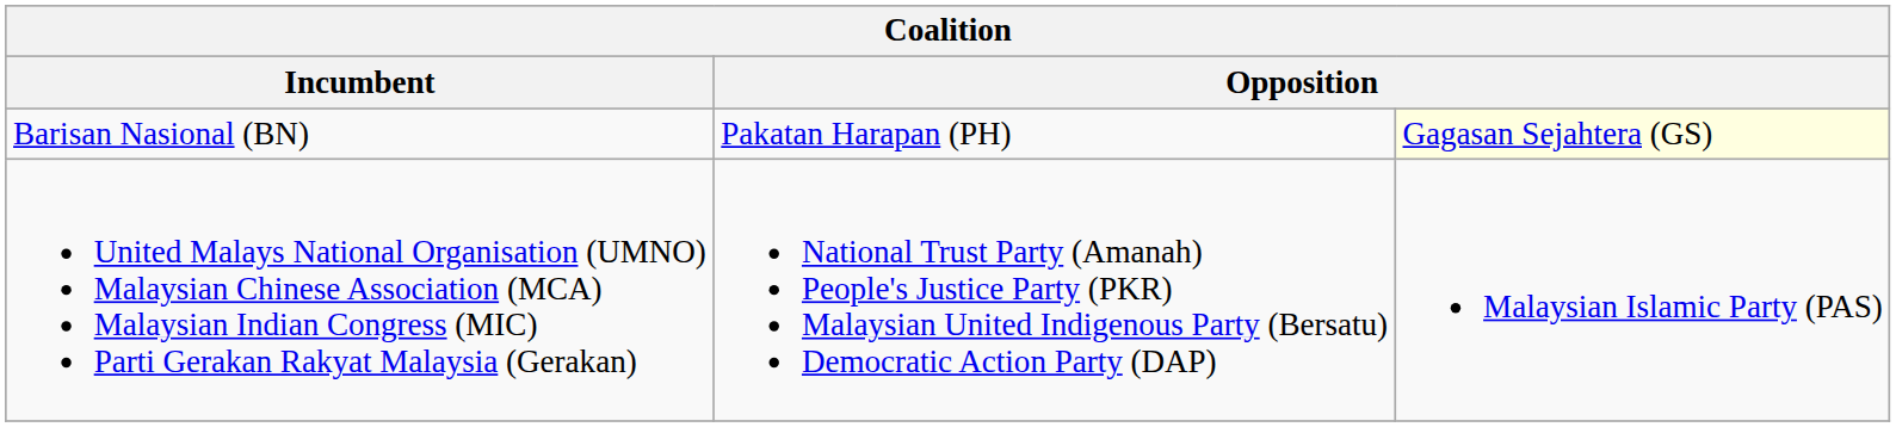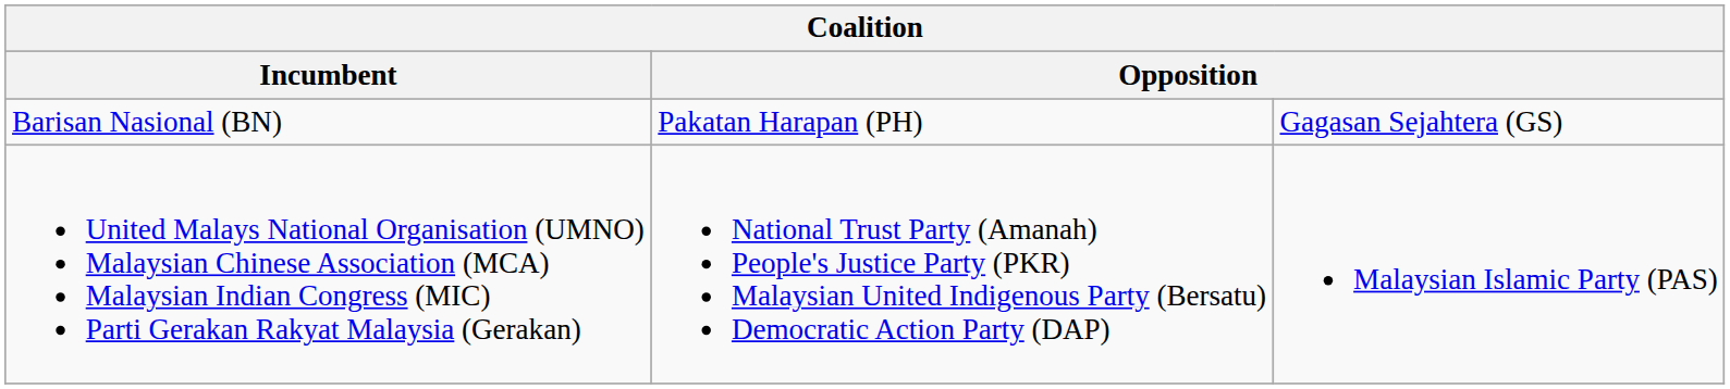 <table class="wikitable">
 <tr>
 <th colspan="3">Coalition</th>
 </tr>
 <tr>
 <th>Incumbent</th>
 <th colspan="2">Opposition</th>
 </tr>
 <tr>
 <td><a href='#'>Barisan Nasional</a> (BN)</td>
 <td> <a href='#'>Pakatan Harapan</a> (PH)</td>
-<td style="background: lightyellow;"><a href='#'>Gagasan Sejahtera</a> (GS)</td>
+<td><a href='#'>Gagasan Sejahtera</a> (GS)</td>
 </tr>
 <tr>
 <td><br><ul><li> <a href='#'>United Malays National Organisation</a> (UMNO)</li><li> <a href='#'>Malaysian Chinese Association</a> (MCA)</li><li> <a href='#'>Malaysian Indian Congress</a> (MIC)</li><li> <a href='#'>Parti Gerakan Rakyat Malaysia</a> (Gerakan)</li></ul></td>
 <td><br><ul><li> <a href='#'>National Trust Party</a> (Amanah)</li><li> <a href='#'>People's Justice Party</a> (PKR)</li><li> <a href='#'>Malaysian United Indigenous Party</a> (Bersatu)</li><li> <a href='#'>Democratic Action Party</a> (DAP)</li></ul></td>
 <td><br><ul><li> <a href='#'>Malaysian Islamic Party</a> (PAS)</li></ul></td>
 </tr>
 </table>
